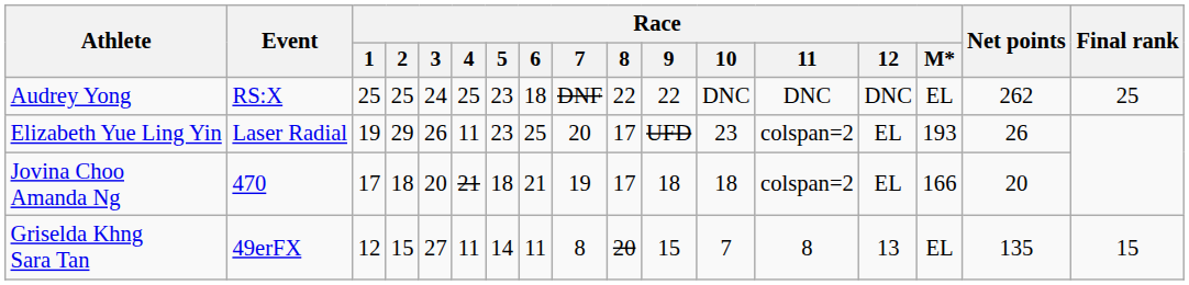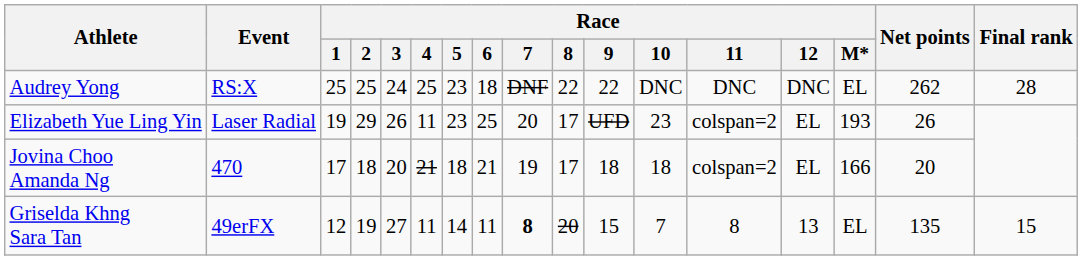 <table class="wikitable" style="font-size:90%">
 <tr>
 <th rowspan="2">Athlete</th>
 <th rowspan="2">Event</th>
 <th colspan=13>Race</th>
 <th rowspan=2>Net points</th>
 <th rowspan=2>Final rank</th>
 </tr>
 <tr style="font-size:95%">
 <th>1</th>
 <th>2</th>
 <th>3</th>
 <th>4</th>
 <th>5</th>
 <th>6</th>
 <th>7</th>
 <th>8</th>
 <th>9</th>
 <th>10</th>
 <th>11</th>
 <th>12</th>
 <th>M*</th>
 </tr>
 <tr align=center>
 <td align=left><a href='#'>Audrey Yong</a></td>
 <td align=left><a href='#'>RS:X</a></td>
 <td>25</td>
 <td>25</td>
 <td>24</td>
 <td>25</td>
 <td>23</td>
 <td>18</td>
 <td><s>DNF</s></td>
 <td>22</td>
 <td>22</td>
 <td>DNC</td>
 <td>DNC</td>
 <td>DNC</td>
 <td>EL</td>
 <td>262</td>
-<td>25</td>
+<td>28</td>
 </tr>
 <tr align=center>
 <td align=left><a href='#'>Elizabeth Yue Ling Yin</a></td>
 <td align=left><a href='#'>Laser Radial</a></td>
 <td>19</td>
 <td>29</td>
 <td>26</td>
 <td>11</td>
 <td>23</td>
 <td>25</td>
 <td>20</td>
 <td>17</td>
 <td><s>UFD</s></td>
 <td>23</td>
 <td>colspan=2 </td>
 <td>EL</td>
 <td>193</td>
 <td>26</td>
 </tr>
 <tr align=center>
 <td align=left><a href='#'>Jovina Choo</a><br><a href='#'>Amanda Ng</a></td>
 <td align=left><a href='#'>470</a></td>
 <td>17</td>
 <td>18</td>
 <td>20</td>
 <td><s>21</s></td>
 <td>18</td>
 <td>21</td>
 <td>19</td>
 <td>17</td>
 <td>18</td>
 <td>18</td>
 <td>colspan=2 </td>
 <td>EL</td>
 <td>166</td>
 <td>20</td>
 </tr>
 <tr align=center>
 <td align=left><a href='#'>Griselda Khng</a><br><a href='#'>Sara Tan</a></td>
 <td align=left><a href='#'>49erFX</a></td>
 <td>12</td>
-<td>15</td>
+<td>19</td>
 <td>27</td>
 <td>11</td>
 <td>14</td>
 <td>11</td>
-<td>8</td>
+<td><strong>8</strong></td>
 <td><s>20</s></td>
 <td>15</td>
 <td>7</td>
 <td>8</td>
 <td>13</td>
 <td>EL</td>
 <td>135</td>
 <td>15</td>
 </tr>
 </table>
